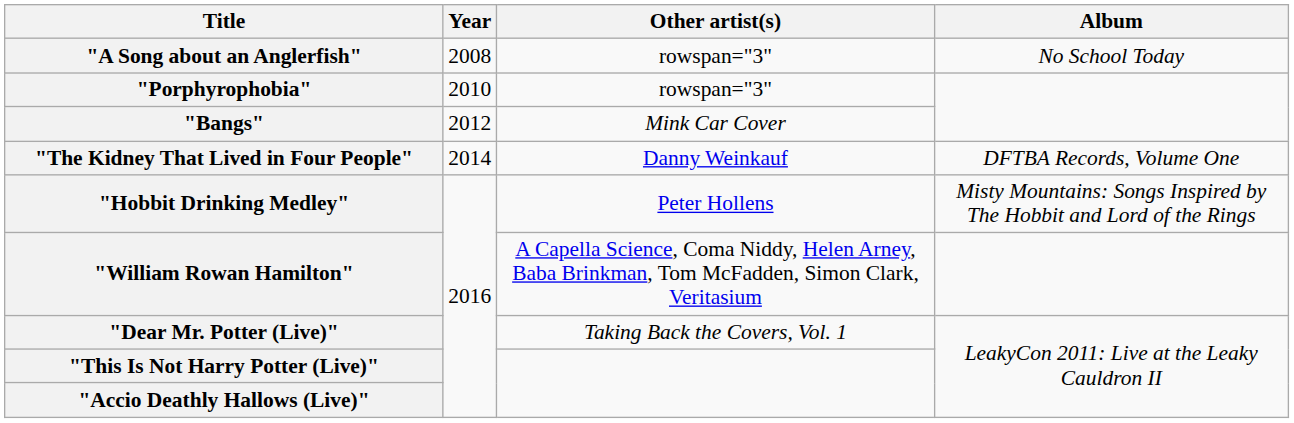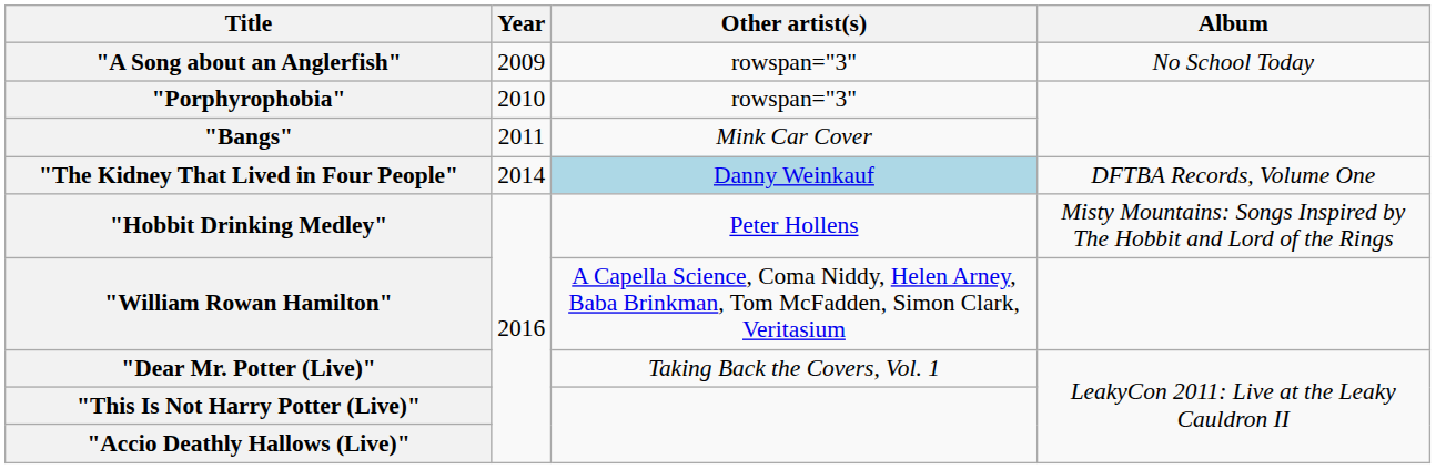 <table class="wikitable plainrowheaders" style="text-align:center;">
 <tr>
 <th rowspan="1" style="width:20em;">Title</th>
 <th rowspan="1" style="width:1em;">Year</th>
 <th rowspan="1" style="width:20em;">Other artist(s)</th>
 <th rowspan="1" style="width:16em;">Album</th>
 </tr>
 <tr>
 <th scope="row">"A Song about an Anglerfish"</th>
-<td>2008</td>
+<td>2009</td>
 <td>rowspan="3" </td>
 <td><em>No School Today</em></td>
 </tr>
 <tr>
 <th scope="row">"Porphyrophobia"</th>
 <td>2010</td>
 <td>rowspan="3" </td>
 </tr>
 <tr>
 <th scope="row">"Bangs"</th>
-<td>2012</td>
+<td>2011</td>
 <td><em>Mink Car Cover</em></td>
 </tr>
 <tr>
 <th scope="row">"The Kidney That Lived in Four People"</th>
 <td>2014</td>
-<td><a href='#'>Danny Weinkauf</a></td>
+<td style="background: lightblue;"><a href='#'>Danny Weinkauf</a></td>
 <td><em>DFTBA Records, Volume One</em></td>
 </tr>
 <tr>
 <th scope="row">"Hobbit Drinking Medley"</th>
 <td rowspan="5">2016</td>
 <td><a href='#'>Peter Hollens</a></td>
 <td><em>Misty Mountains: Songs Inspired by The Hobbit and Lord of the Rings</em></td>
 </tr>
 <tr>
 <th scope="row">"William Rowan Hamilton"</th>
 <td><a href='#'>A Capella Science</a>, Coma Niddy, <a href='#'>Helen Arney</a>, <a href='#'>Baba Brinkman</a>, Tom McFadden, Simon Clark, <a href='#'>Veritasium</a></td>
 <td></td>
 </tr>
 <tr>
 <th scope="row">"Dear Mr. Potter (Live)"</th>
 <td><em>Taking Back the Covers, Vol. 1</em></td>
 <td rowspan="3"><em>LeakyCon 2011: Live at the Leaky Cauldron II</em></td>
 </tr>
 <tr>
 <th scope="row">"This Is Not Harry Potter (Live)"</th>
 </tr>
 <tr>
 <th scope="row">"Accio Deathly Hallows (Live)"</th>
 </tr>
 </table>
